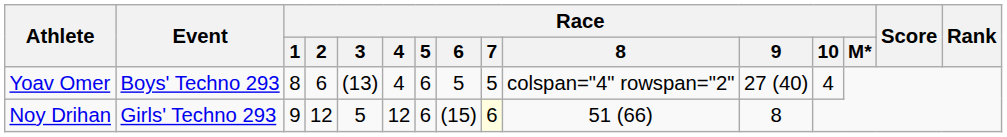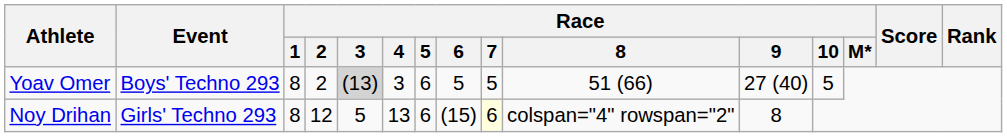 <table class="wikitable" style="font-size:90%">
 <tr>
 <th rowspan="2">Athlete</th>
 <th rowspan="2">Event</th>
 <th colspan=11>Race</th>
 <th rowspan="2">Score</th>
 <th rowspan=2>Rank</th>
 </tr>
 <tr style="font-size:95%">
 <th>1</th>
 <th>2</th>
 <th>3</th>
 <th>4</th>
 <th>5</th>
 <th>6</th>
 <th>7</th>
 <th>8</th>
 <th>9</th>
 <th>10</th>
 <th>M*</th>
 </tr>
 <tr align="center">
 <td align=left><a href='#'>Yoav Omer</a></td>
 <td align=left><a href='#'>Boys' Techno 293</a></td>
 <td>8</td>
-<td>6</td>
-<td>(13)</td>
-<td>4</td>
+<td>2</td>
+<td style="background: lightgrey;">(13)</td>
+<td>3</td>
 <td>6</td>
 <td>5</td>
 <td>5</td>
-<td>colspan="4" rowspan="2" </td>
+<td>51 (66)</td>
 <td>27 (40)</td>
-<td>4</td>
+<td>5</td>
 </tr>
 <tr align="center">
 <td align=left><a href='#'>Noy Drihan</a></td>
 <td align=left><a href='#'>Girls' Techno 293</a></td>
-<td>9</td>
+<td>8</td>
 <td>12</td>
 <td>5</td>
-<td>12</td>
+<td>13</td>
 <td>6</td>
 <td>(15)</td>
 <td style="background: lightyellow;">6</td>
-<td>51 (66)</td>
+<td>colspan="4" rowspan="2" </td>
 <td>8</td>
 </tr>
 </table>
